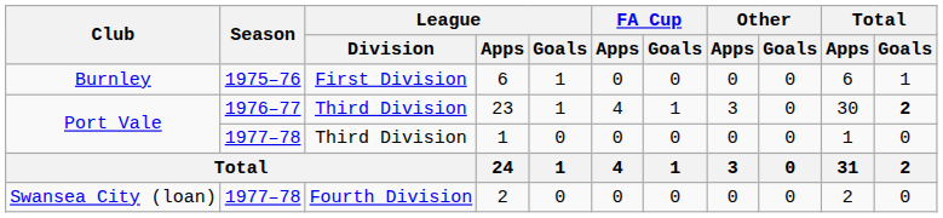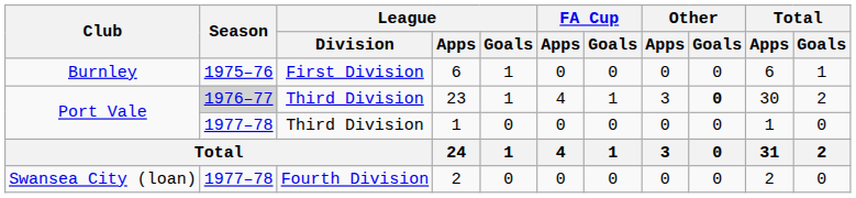 <table class="wikitable" style="text-align:center">
 <tr>
 <th rowspan="2">Club</th>
 <th rowspan="2">Season</th>
 <th colspan="3">League</th>
 <th colspan="2"><a href='#'>FA Cup</a></th>
 <th colspan="2">Other</th>
 <th colspan="2">Total</th>
 </tr>
 <tr>
 <th>Division</th>
 <th>Apps</th>
 <th>Goals</th>
 <th>Apps</th>
 <th>Goals</th>
 <th>Apps</th>
 <th>Goals</th>
 <th>Apps</th>
 <th>Goals</th>
 </tr>
 <tr>
 <td><a href='#'>Burnley</a></td>
 <td><a href='#'>1975–76</a></td>
 <td><a href='#'>First Division</a></td>
 <td>6</td>
 <td>1</td>
 <td>0</td>
 <td>0</td>
 <td>0</td>
 <td>0</td>
 <td>6</td>
 <td>1</td>
 </tr>
 <tr>
 <td rowspan="2"><a href='#'>Port Vale</a></td>
-<td><a href='#'>1976–77</a></td>
+<td style="background: lightgrey;"><a href='#'>1976–77</a></td>
 <td><a href='#'>Third Division</a></td>
 <td>23</td>
 <td>1</td>
 <td>4</td>
 <td>1</td>
 <td>3</td>
-<td>0</td>
+<td><strong>0</strong></td>
 <td>30</td>
-<td><strong>2</strong></td>
+<td>2</td>
 </tr>
 <tr>
 <td><a href='#'>1977–78</a></td>
 <td>Third Division</td>
 <td>1</td>
 <td>0</td>
 <td>0</td>
 <td>0</td>
 <td>0</td>
 <td>0</td>
 <td>1</td>
 <td>0</td>
 </tr>
 <tr>
 <th colspan="3">Total</th>
 <th>24</th>
 <th>1</th>
 <th>4</th>
 <th>1</th>
 <th>3</th>
 <th>0</th>
 <th>31</th>
 <th>2</th>
 </tr>
 <tr>
 <td><a href='#'>Swansea City</a> (loan)</td>
 <td><a href='#'>1977–78</a></td>
 <td><a href='#'>Fourth Division</a></td>
 <td>2</td>
 <td>0</td>
 <td>0</td>
 <td>0</td>
 <td>0</td>
 <td>0</td>
 <td>2</td>
 <td>0</td>
 </tr>
 </table>
